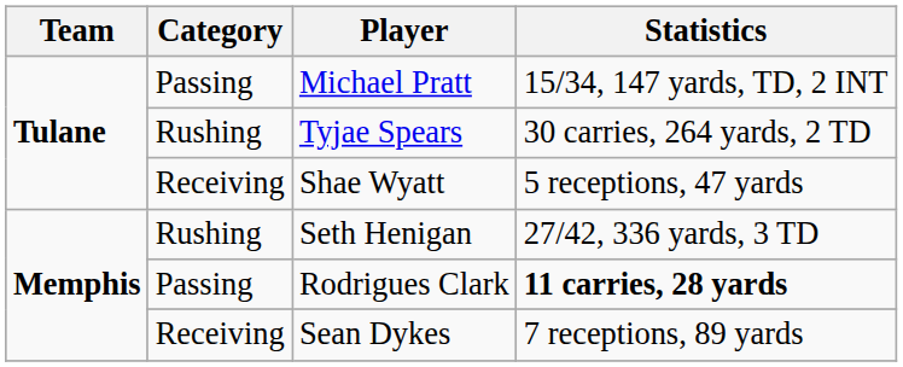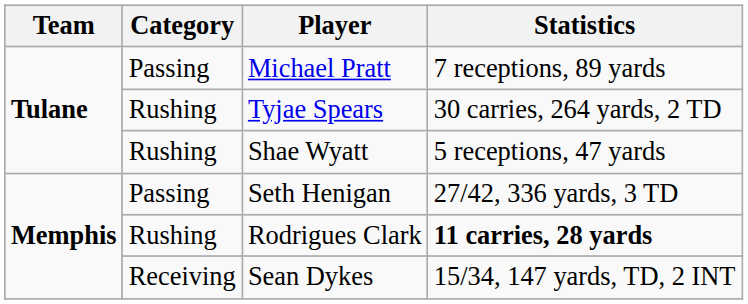 <table class="wikitable" style="float: left;">
 <tr>
 <th>Team</th>
 <th>Category</th>
 <th>Player</th>
 <th>Statistics</th>
 </tr>
 <tr>
 <td rowspan=3><strong>Tulane</strong></td>
 <td>Passing</td>
 <td><a href='#'>Michael Pratt</a></td>
-<td>15/34, 147 yards, TD, 2 INT</td>
+<td>7 receptions, 89 yards</td>
 </tr>
 <tr>
 <td>Rushing</td>
 <td><a href='#'>Tyjae Spears</a></td>
 <td>30 carries, 264 yards, 2 TD</td>
 </tr>
 <tr>
-<td>Receiving</td>
+<td>Rushing</td>
 <td>Shae Wyatt</td>
 <td>5 receptions, 47 yards</td>
 </tr>
 <tr>
 <td rowspan=3><strong>Memphis</strong></td>
-<td>Rushing</td>
+<td>Passing</td>
 <td>Seth Henigan</td>
 <td>27/42, 336 yards, 3 TD</td>
 </tr>
 <tr>
-<td>Passing</td>
+<td>Rushing</td>
 <td>Rodrigues Clark</td>
 <td><strong>11 carries, 28 yards</strong></td>
 </tr>
 <tr>
 <td>Receiving</td>
 <td>Sean Dykes</td>
-<td>7 receptions, 89 yards</td>
+<td>15/34, 147 yards, TD, 2 INT</td>
 </tr>
 </table>
